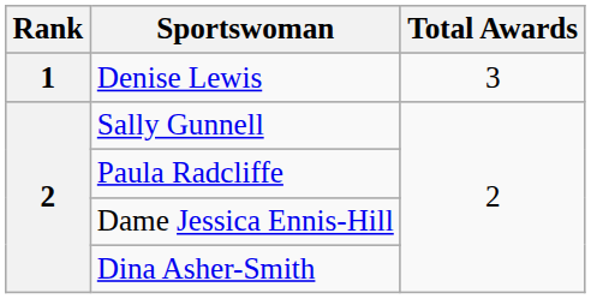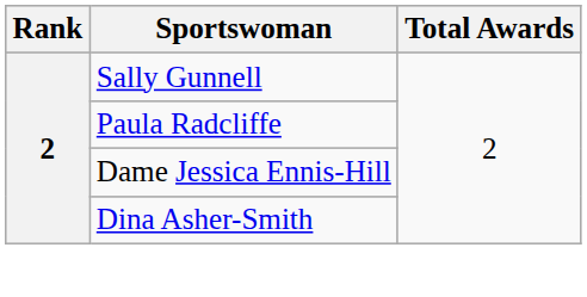 <table class="wikitable sortable">
 <tr>
 <th>Rank</th>
 <th>Sportswoman</th>
 <th>Total Awards</th>
-</tr>
-<tr>
-<th align=center>1</th>
-<td><a href='#'>Denise Lewis</a></td>
-<td align=center>3</td>
 </tr>
 <tr>
 <th rowspan="4">2</th>
 <td><a href='#'>Sally Gunnell</a></td>
 <td rowspan="4" align=center>2</td>
 </tr>
 <tr>
 <td><a href='#'>Paula Radcliffe</a></td>
 </tr>
 <tr>
 <td>Dame <a href='#'>Jessica Ennis-Hill</a></td>
 </tr>
 <tr>
 <td><a href='#'>Dina Asher-Smith</a></td>
 </tr>
 </table>
